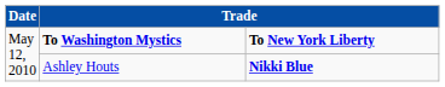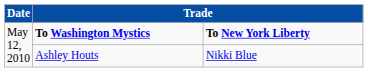 <table class="wikitable" style="width:80%">
 <tr>
 <th style="background:#054EA4;color:white; width=125">Date</th>
 <th style="background:#054EA4;color:white;" colspan=2>Trade</th>
 </tr>
 <tr>
 <td rowspan=2>May 12, 2010</td>
 <td width=375><strong>To <a href='#'>Washington Mystics</a></strong></td>
 <td width=375><strong>To <a href='#'>New York Liberty</a></strong></td>
 </tr>
 <tr>
 <td><a href='#'>Ashley Houts</a></td>
-<td><strong><a href='#'>Nikki Blue</a></strong></td>
+<td><a href='#'>Nikki Blue</a></td>
 </tr>
 </table>
